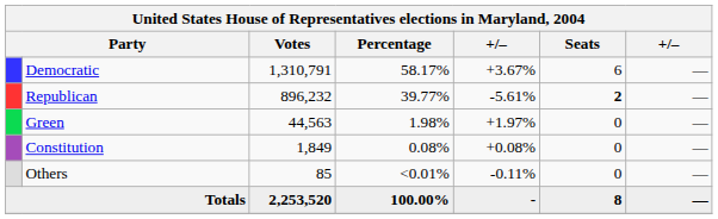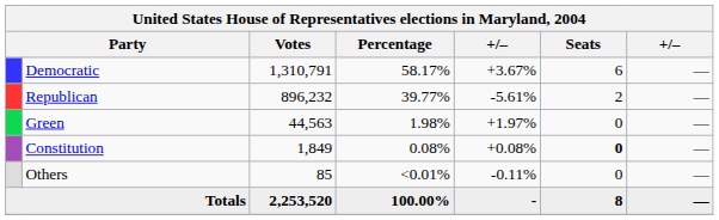 <table class="wikitable" style="font-size: 95%;">
 <tr>
 <th colspan="7">United States House of Representatives elections in Maryland, 2004</th>
 </tr>
 <tr>
 <th colspan=2 style="width: 15em">Party</th>
 <th style="width: 5em">Votes</th>
 <th style="width: 7em">Percentage</th>
 <th style="width: 5em">+/–</th>
 <th style="width: 5em">Seats</th>
 <th style="width: 5em">+/–</th>
 </tr>
 <tr>
 <th style="background-color:#3333FF; width: 3px"></th>
 <td style="width: 130px"><a href='#'>Democratic</a></td>
 <td align="right">1,310,791</td>
 <td align="right">58.17%</td>
 <td align="right">+3.67%</td>
 <td align="right">6</td>
 <td align="right">—</td>
 </tr>
 <tr>
 <th style="background-color:#FF3333; width: 3px"></th>
 <td style="width: 130px"><a href='#'>Republican</a></td>
 <td align="right">896,232</td>
 <td align="right">39.77%</td>
 <td align="right">-5.61%</td>
-<td align="right"><strong>2</strong></td>
+<td align="right">2</td>
 <td align="right">—</td>
 </tr>
 <tr>
 <th style="background-color:#0BDA51; width: 3px"></th>
 <td style="width: 130px"><a href='#'>Green</a></td>
 <td align="right">44,563</td>
 <td align="right">1.98%</td>
 <td align="right">+1.97%</td>
 <td align="right">0</td>
 <td align="right">—</td>
 </tr>
 <tr>
 <th style="background-color:#A54CBA; width: 3px"></th>
 <td style="width: 130px"><a href='#'>Constitution</a></td>
 <td align="right">1,849</td>
 <td align="right">0.08%</td>
 <td align="right">+0.08%</td>
-<td align="right">0</td>
+<td align="right"><strong>0</strong></td>
 <td align="right">—</td>
 </tr>
 <tr>
 <th style="background-color:#DDDDDD; width: 3px"></th>
 <td style="width: 130px">Others</td>
 <td align="right">85</td>
 <td align="right"><0.01%</td>
 <td align="right">-0.11%</td>
 <td align="right">0</td>
 <td align="right">—</td>
 </tr>
 <tr bgcolor="#EEEEEE">
 <td colspan="2" align="right"><strong>Totals</strong></td>
 <td align="right"><strong>2,253,520</strong></td>
 <td align="right"><strong>100.00%</strong></td>
 <td align="right"><strong>-</strong></td>
 <td align="right"><strong>8</strong></td>
 <td align="right"><strong>—</strong></td>
 </tr>
 <tr bgcolor="#EEEEEE">
 </tr>
 </table>
